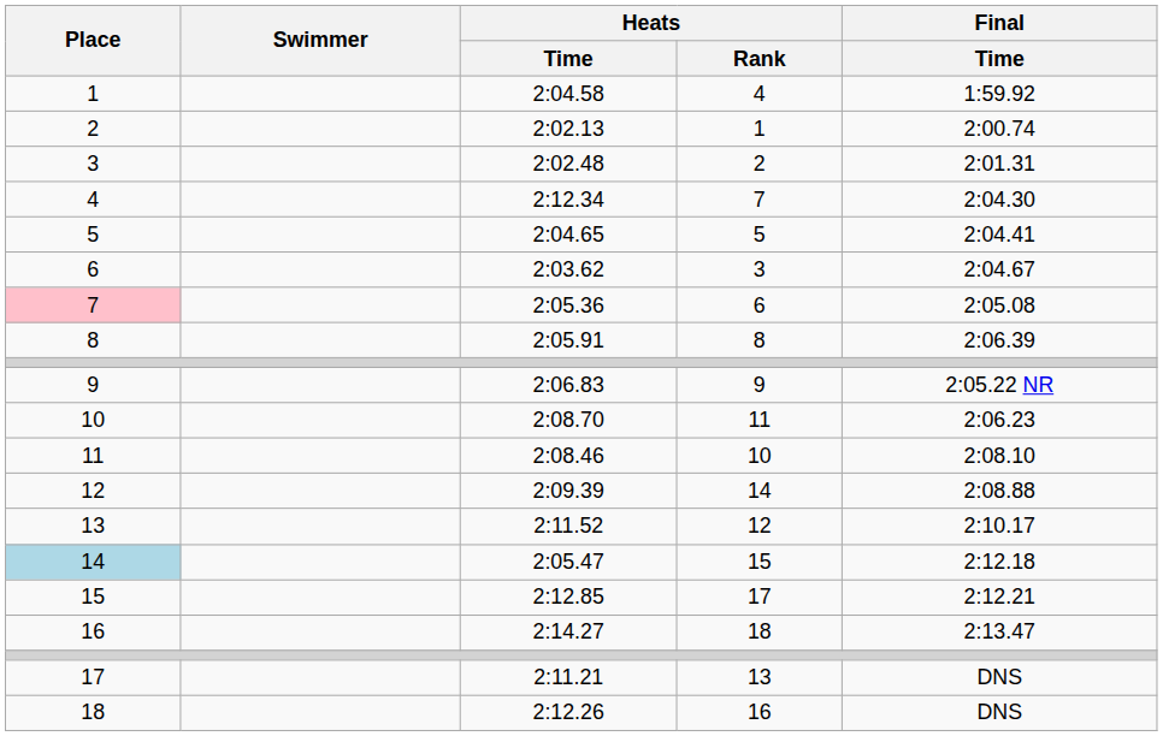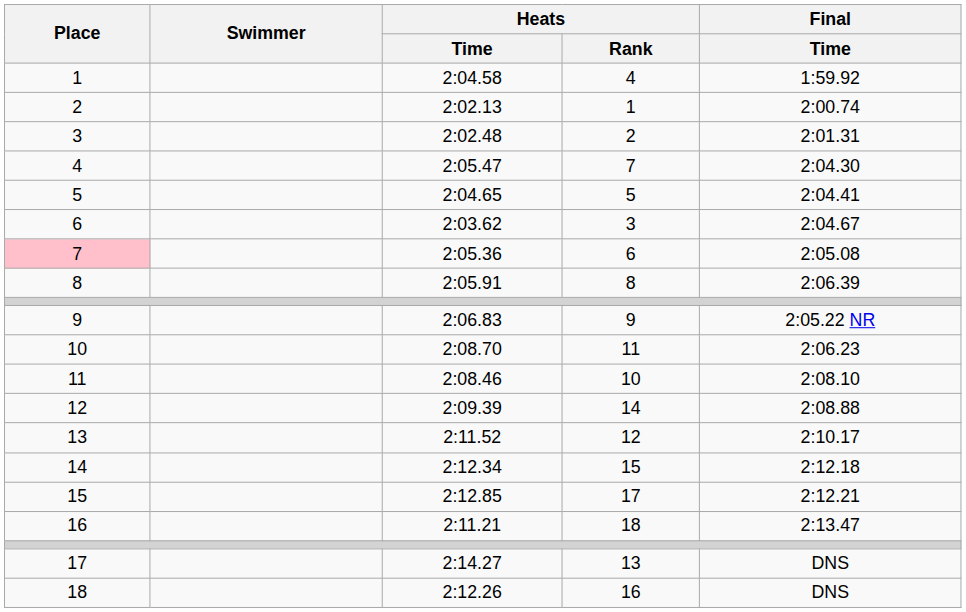 <table class="wikitable" style=" text-align:center; font-size:110%;" width="75%">
 <tr>
 <th rowspan="2">Place</th>
 <th rowspan="2">Swimmer</th>
 <th colspan="2">Heats</th>
 <th>Final</th>
 </tr>
 <tr>
 <th>Time</th>
 <th>Rank</th>
 <th>Time</th>
 </tr>
 <tr>
 <td>1</td>
 <td align="left"></td>
 <td>2:04.58</td>
 <td>4</td>
 <td>1:59.92</td>
 </tr>
 <tr>
 <td>2</td>
 <td align=left></td>
 <td>2:02.13</td>
 <td>1</td>
 <td>2:00.74</td>
 </tr>
 <tr>
 <td>3</td>
 <td align=left></td>
 <td>2:02.48</td>
 <td>2</td>
 <td>2:01.31</td>
 </tr>
 <tr>
 <td>4</td>
 <td align=left></td>
-<td>2:12.34</td>
+<td>2:05.47</td>
 <td>7</td>
 <td>2:04.30</td>
 </tr>
 <tr>
 <td>5</td>
 <td align=left></td>
 <td>2:04.65</td>
 <td>5</td>
 <td>2:04.41</td>
 </tr>
 <tr>
 <td>6</td>
 <td align=left></td>
 <td>2:03.62</td>
 <td>3</td>
 <td>2:04.67</td>
 </tr>
 <tr>
 <td style="background: pink;">7</td>
 <td align=left></td>
 <td>2:05.36</td>
 <td>6</td>
 <td>2:05.08</td>
 </tr>
 <tr>
 <td>8</td>
 <td align=left></td>
 <td>2:05.91</td>
 <td>8</td>
 <td>2:06.39</td>
 </tr>
 <tr>
 <td colspan=5 bgcolor=lightgray></td>
 </tr>
 <tr>
 <td>9</td>
 <td align="left"></td>
 <td>2:06.83</td>
 <td>9</td>
 <td>2:05.22 <a href='#'>NR</a></td>
 </tr>
 <tr>
 <td>10</td>
 <td align="left"></td>
 <td>2:08.70</td>
 <td>11</td>
 <td>2:06.23</td>
 </tr>
 <tr>
 <td>11</td>
 <td align="left"></td>
 <td>2:08.46</td>
 <td>10</td>
 <td>2:08.10</td>
 </tr>
 <tr>
 <td>12</td>
 <td align="left"></td>
 <td>2:09.39</td>
 <td>14</td>
 <td>2:08.88</td>
 </tr>
 <tr>
 <td>13</td>
 <td align="left"></td>
 <td>2:11.52</td>
 <td>12</td>
 <td>2:10.17</td>
 </tr>
 <tr>
-<td style="background: lightblue;">14</td>
+<td>14</td>
 <td align="left"></td>
-<td>2:05.47</td>
+<td>2:12.34</td>
 <td>15</td>
 <td>2:12.18</td>
 </tr>
 <tr>
 <td>15</td>
 <td align="left"></td>
 <td>2:12.85</td>
 <td>17</td>
 <td>2:12.21</td>
 </tr>
 <tr>
 <td>16</td>
 <td align="left"></td>
-<td>2:14.27</td>
+<td>2:11.21</td>
 <td>18</td>
 <td>2:13.47</td>
 </tr>
 <tr>
 <td colspan=5 bgcolor=lightgray></td>
 </tr>
 <tr>
 <td>17</td>
 <td align="left"></td>
-<td>2:11.21</td>
+<td>2:14.27</td>
 <td>13</td>
 <td>DNS</td>
 </tr>
 <tr>
 <td>18</td>
 <td align="left"></td>
 <td>2:12.26</td>
 <td>16</td>
 <td>DNS</td>
 </tr>
 </table>
